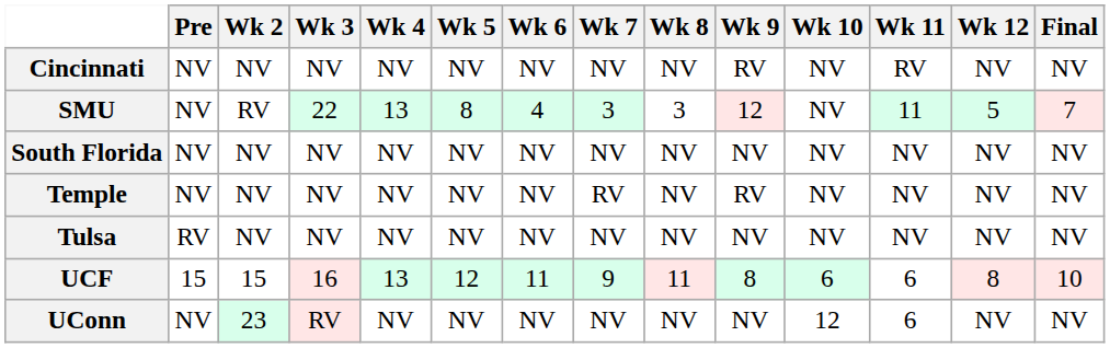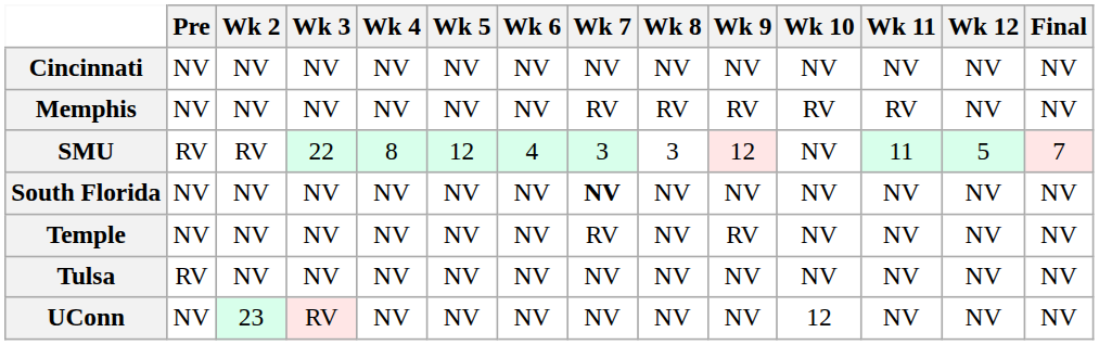 <table class="wikitable" style="white-space:nowrap;font-size:90%;">
 <tr>
 <th colspan=1 style="background:white; border-top-style:hidden; border-left-style:hidden;"> </th>
 <th>Pre <br></th>
 <th>Wk 2 <br></th>
 <th>Wk 3 <br></th>
 <th>Wk 4 <br></th>
 <th>Wk 5 <br></th>
 <th>Wk 6 <br></th>
 <th>Wk 7 <br></th>
 <th>Wk 8 <br></th>
 <th>Wk 9 <br></th>
 <th>Wk 10 <br></th>
 <th>Wk 11 <br></th>
 <th>Wk 12 <br></th>
 <th>Final</th>
 </tr>
 <tr style="text-align:center;">
 <th>Cincinnati</th>
 <td style="background:#FFF;">NV</td>
 <td style="background:#FFF;">NV</td>
 <td style="background:#FFF;">NV</td>
 <td style="background:#FFF;">NV</td>
 <td style="background:#FFF;">NV</td>
 <td style="background:#FFF;">NV</td>
 <td style="background:#FFF;">NV</td>
 <td style="background:#FFF;">NV</td>
+<td style="background:#FFF;">NV</td>
+<td style="background:#FFF;">NV</td>
+<td style="background:#FFF;">NV</td>
+<td style="background:#FFF;">NV</td>
+<td style="background:#FFF;">NV</td>
+</tr>
+<tr style="text-align:center;">
+<th>Memphis</th>
+<td style="background:#FFF;">NV</td>
+<td style="background:#FFF;">NV</td>
+<td style="background:#FFF;">NV</td>
+<td style="background:#FFF;">NV</td>
+<td style="background:#FFF;">NV</td>
+<td style="background:#FFF;">NV</td>
 <td style="background:#FFF;">RV</td>
-<td style="background:#FFF;">NV</td>
+<td style="background:#FFF;">RV</td>
+<td style="background:#FFF;">RV</td>
+<td style="background:#FFF;">RV</td>
 <td style="background:#FFF;">RV</td>
 <td style="background:#FFF;">NV</td>
 <td style="background:#FFF;">NV</td>
 </tr>
 <tr style="text-align:center;">
 <th>SMU</th>
-<td style="background:#FFF;">NV</td>
+<td style="background:#FFF;">RV</td>
 <td style="background:#FFF;">RV</td>
 <td style="background:#d8ffeb;">22</td>
-<td style="background:#d8ffeb;">13</td>
 <td style="background:#d8ffeb;">8</td>
+<td style="background:#d8ffeb;">12</td>
 <td style="background:#d8ffeb;">4</td>
 <td style="background:#d8ffeb;">3</td>
 <td style="background:#FFF;">3</td>
 <td style="background:#ffe6e6;">12</td>
 <td style="background:#FFF;">NV</td>
 <td style="background:#d8ffeb;">11</td>
 <td style="background:#d8ffeb;">5</td>
 <td style="background:#ffe6e6;">7</td>
 </tr>
 <tr style="text-align:center;">
 <th>South Florida</th>
 <td style="background:#FFF;">NV</td>
 <td style="background:#FFF;">NV</td>
 <td style="background:#FFF;">NV</td>
 <td style="background:#FFF;">NV</td>
 <td style="background:#FFF;">NV</td>
 <td style="background:#FFF;">NV</td>
-<td style="background:#FFF;">NV</td>
+<td style="background:#FFF;"><strong>NV</strong></td>
 <td style="background:#FFF;">NV</td>
 <td style="background:#FFF;">NV</td>
 <td style="background:#FFF;">NV</td>
 <td style="background:#FFF;">NV</td>
 <td style="background:#FFF;">NV</td>
 <td style="background:#FFF;">NV</td>
 </tr>
 <tr style="text-align:center;">
 <th>Temple</th>
 <td style="background:#FFF;">NV</td>
 <td style="background:#FFF;">NV</td>
 <td style="background:#FFF;">NV</td>
 <td style="background:#FFF;">NV</td>
 <td style="background:#FFF;">NV</td>
 <td style="background:#FFF;">NV</td>
 <td style="background:#FFF;">RV</td>
 <td style="background:#FFF;">NV</td>
 <td style="background:#FFF;">RV</td>
 <td style="background:#FFF;">NV</td>
 <td style="background:#FFF;">NV</td>
 <td style="background:#FFF;">NV</td>
 <td style="background:#FFF;">NV</td>
 </tr>
 <tr style="text-align:center;">
 <th>Tulsa</th>
 <td style="background:#FFF;">RV</td>
 <td style="background:#FFF;">NV</td>
 <td style="background:#FFF;">NV</td>
 <td style="background:#FFF;">NV</td>
 <td style="background:#FFF;">NV</td>
 <td style="background:#FFF;">NV</td>
 <td style="background:#FFF;">NV</td>
 <td style="background:#FFF;">NV</td>
 <td style="background:#FFF;">NV</td>
 <td style="background:#FFF;">NV</td>
 <td style="background:#FFF;">NV</td>
 <td style="background:#FFF;">NV</td>
 <td style="background:#FFF;">NV</td>
 </tr>
 <tr style="text-align:center;">
-<th>UCF</th>
-<td style="background:#FFF;">15</td>
-<td style="background:#FFF;">15</td>
-<td style="background:#ffe6e6;">16</td>
-<td style="background:#d8ffeb;">13</td>
-<td style="background:#d8ffeb;">12</td>
-<td style="background:#d8ffeb;">11</td>
-<td style="background:#d8ffeb;">9</td>
-<td style="background:#ffe6e6;">11</td>
-<td style="background:#d8ffeb;">8</td>
-<td style="background:#d8ffeb;">6</td>
-<td style="background:#FFF;">6</td>
-<td style="background:#ffe6e6;">8</td>
-<td style="background:#ffe6e6;">10</td>
-</tr>
-<tr style="text-align:center;">
 <th>UConn</th>
 <td style="background:#FFF;">NV</td>
 <td style="background:#d8ffeb;">23</td>
 <td style="background:#ffe6e6;">RV</td>
 <td style="background:#FFF;">NV</td>
 <td style="background:#FFF;">NV</td>
 <td style="background:#FFF;">NV</td>
 <td style="background:#FFF;">NV</td>
 <td style="background:#FFF;">NV</td>
 <td style="background:#FFF;">NV</td>
 <td style="background:#FFF;">12</td>
-<td style="background:#FFF;">6</td>
+<td style="background:#FFF;">NV</td>
 <td style="background:#FFF;">NV</td>
 <td style="background:#FFF;">NV</td>
 </tr>
 </table>
